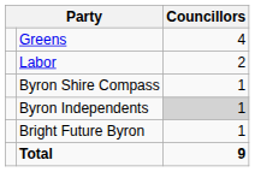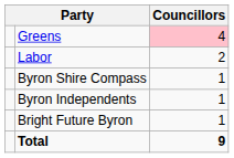 <table class="wikitable">
 <tr>
 <th colspan="2">Party</th>
 <th>Councillors</th>
 </tr>
 <tr>
 <td> </td>
 <td><a href='#'>Greens</a></td>
-<td align=right>4</td>
+<td align=right style="background: pink;">4</td>
 </tr>
 <tr>
 <td> </td>
 <td><a href='#'>Labor</a></td>
 <td align=right>2</td>
 </tr>
 <tr>
 <td> </td>
 <td>Byron Shire Compass</td>
 <td align=right>1</td>
 </tr>
 <tr>
 <td> </td>
 <td>Byron Independents</td>
-<td align=right style="background: lightgrey;">1</td>
+<td align=right>1</td>
 </tr>
 <tr>
 <td> </td>
 <td>Bright Future Byron</td>
 <td align=right>1</td>
 </tr>
 <tr>
 <td></td>
 <td><strong>Total</strong></td>
 <td align=right><strong>9</strong></td>
 </tr>
 </table>
